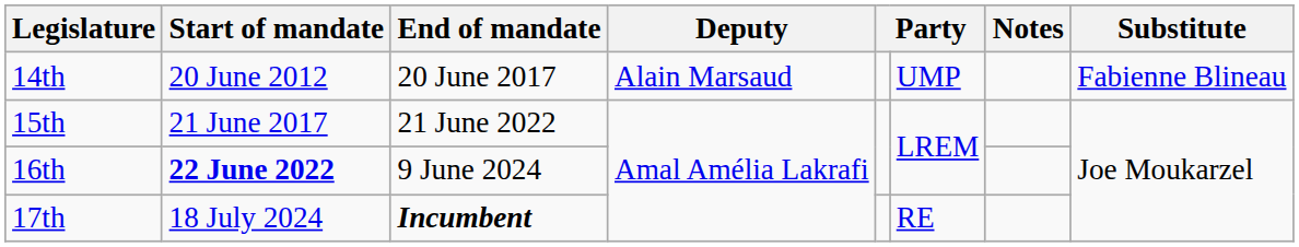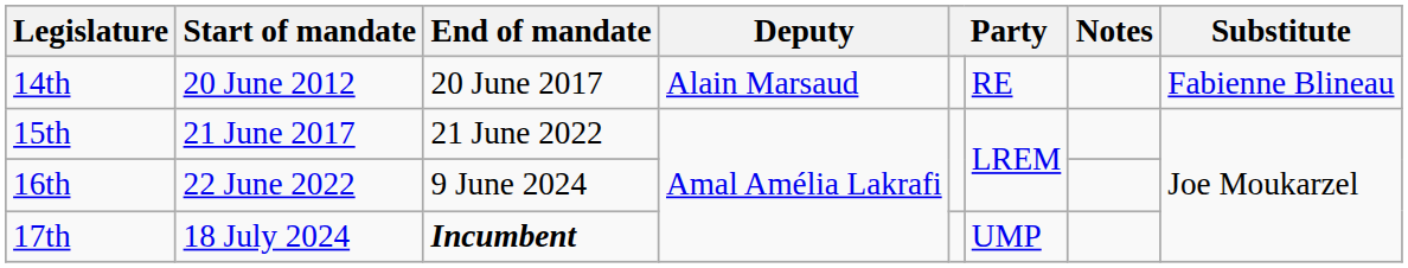 <table class="wikitable">
 <tr>
 <th>Legislature</th>
 <th>Start of mandate</th>
 <th>End of mandate</th>
 <th>Deputy</th>
 <th colspan="2">Party</th>
 <th>Notes</th>
 <th>Substitute</th>
 </tr>
 <tr>
 <td><a href='#'>14th</a></td>
 <td><a href='#'>20 June 2012</a></td>
 <td>20 June 2017</td>
 <td><a href='#'>Alain Marsaud</a></td>
 <td style="color:inherit;background:"></td>
-<td><a href='#'>UMP</a></td>
+<td><a href='#'>RE</a></td>
 <td></td>
 <td><a href='#'>Fabienne Blineau</a></td>
 </tr>
 <tr>
 <td><a href='#'>15th</a></td>
 <td><a href='#'>21 June 2017</a></td>
 <td>21 June 2022</td>
 <td rowspan="3"><a href='#'>Amal Amélia Lakrafi</a></td>
 <td rowspan="2" style="color:inherit;background:"></td>
 <td rowspan="2"><a href='#'>LREM</a></td>
 <td></td>
 <td rowspan="3">Joe Moukarzel</td>
 </tr>
 <tr>
 <td><a href='#'>16th</a></td>
-<td><strong><a href='#'>22 June 2022</a></strong></td>
+<td><a href='#'>22 June 2022</a></td>
 <td>9 June 2024</td>
 <td></td>
 </tr>
 <tr>
 <td><a href='#'>17th</a></td>
 <td><a href='#'>18 July 2024</a></td>
 <td><strong><em>Incumbent</em></strong></td>
 <td style="color:inherit;background:"></td>
-<td><a href='#'>RE</a></td>
+<td><a href='#'>UMP</a></td>
 <td></td>
 </tr>
 </table>
